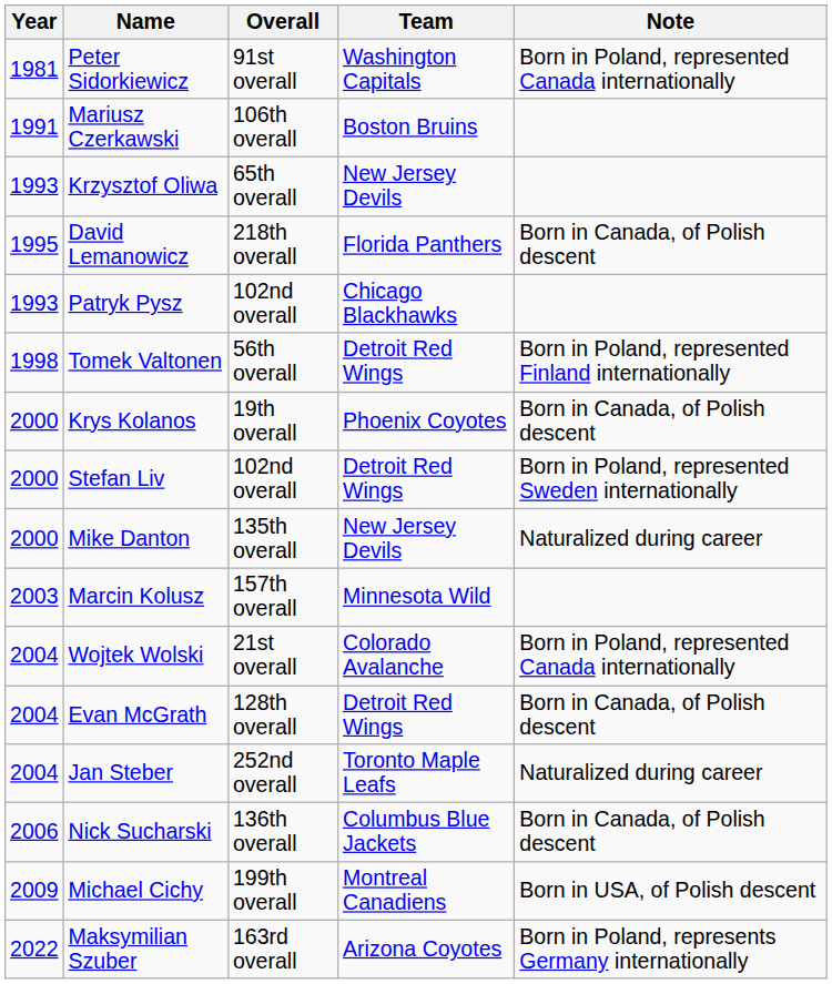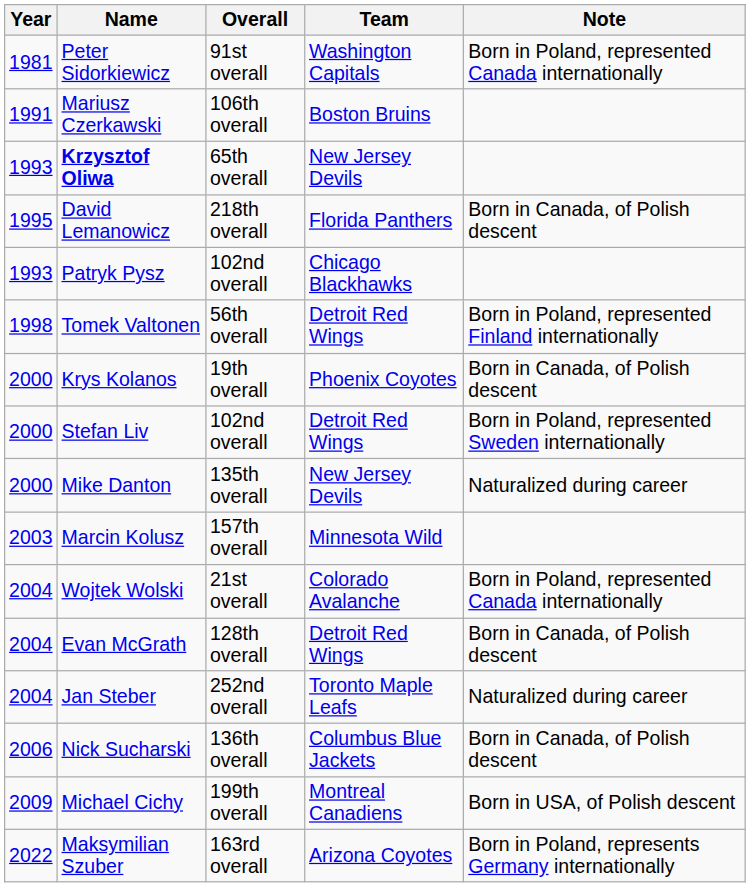 <table class="wikitable">
 <tr>
 <th>Year</th>
 <th>Name</th>
 <th>Overall</th>
 <th>Team</th>
 <th>Note</th>
 </tr>
 <tr>
 <td><a href='#'>1981</a></td>
 <td><a href='#'>Peter Sidorkiewicz</a></td>
 <td>91st overall</td>
 <td><a href='#'>Washington Capitals</a></td>
 <td>Born in Poland, represented <a href='#'>Canada</a> internationally</td>
 </tr>
 <tr>
 <td><a href='#'>1991</a></td>
 <td><a href='#'>Mariusz Czerkawski</a></td>
 <td>106th overall</td>
 <td><a href='#'>Boston Bruins</a></td>
 <td></td>
 </tr>
 <tr>
 <td><a href='#'>1993</a></td>
-<td><a href='#'>Krzysztof Oliwa</a></td>
+<td><strong><a href='#'>Krzysztof Oliwa</a></strong></td>
 <td>65th overall</td>
 <td><a href='#'>New Jersey Devils</a></td>
 <td></td>
 </tr>
 <tr>
 <td><a href='#'>1995</a></td>
 <td><a href='#'>David Lemanowicz</a></td>
 <td>218th overall</td>
 <td><a href='#'>Florida Panthers</a></td>
 <td>Born in Canada, of Polish descent</td>
 </tr>
 <tr>
 <td><a href='#'>1993</a></td>
 <td><a href='#'>Patryk Pysz</a></td>
 <td>102nd overall</td>
 <td><a href='#'>Chicago Blackhawks</a></td>
 <td></td>
 </tr>
 <tr>
 <td><a href='#'>1998</a></td>
 <td><a href='#'>Tomek Valtonen</a></td>
 <td>56th overall</td>
 <td><a href='#'>Detroit Red Wings</a></td>
 <td>Born in Poland, represented <a href='#'>Finland</a> internationally</td>
 </tr>
 <tr>
 <td><a href='#'>2000</a></td>
 <td><a href='#'>Krys Kolanos</a></td>
 <td>19th overall</td>
 <td><a href='#'>Phoenix Coyotes</a></td>
 <td>Born in Canada, of Polish descent</td>
 </tr>
 <tr>
 <td><a href='#'>2000</a></td>
 <td><a href='#'>Stefan Liv</a></td>
 <td>102nd overall</td>
 <td><a href='#'>Detroit Red Wings</a></td>
 <td>Born in Poland, represented <a href='#'>Sweden</a> internationally</td>
 </tr>
 <tr>
 <td><a href='#'>2000</a></td>
 <td><a href='#'>Mike Danton</a></td>
 <td>135th overall</td>
 <td><a href='#'>New Jersey Devils</a></td>
 <td>Naturalized during career</td>
 </tr>
 <tr>
 <td><a href='#'>2003</a></td>
 <td><a href='#'>Marcin Kolusz</a></td>
 <td>157th overall</td>
 <td><a href='#'>Minnesota Wild</a></td>
 <td></td>
 </tr>
 <tr>
 <td><a href='#'>2004</a></td>
 <td><a href='#'>Wojtek Wolski</a></td>
 <td>21st overall</td>
 <td><a href='#'>Colorado Avalanche</a></td>
 <td>Born in Poland, represented <a href='#'>Canada</a> internationally</td>
 </tr>
 <tr>
 <td><a href='#'>2004</a></td>
 <td><a href='#'>Evan McGrath</a></td>
 <td>128th overall</td>
 <td><a href='#'>Detroit Red Wings</a></td>
 <td>Born in Canada, of Polish descent</td>
 </tr>
 <tr>
 <td><a href='#'>2004</a></td>
 <td><a href='#'>Jan Steber</a></td>
 <td>252nd overall</td>
 <td><a href='#'>Toronto Maple Leafs</a></td>
 <td>Naturalized during career</td>
 </tr>
 <tr>
 <td><a href='#'>2006</a></td>
 <td><a href='#'>Nick Sucharski</a></td>
 <td>136th overall</td>
 <td><a href='#'>Columbus Blue Jackets</a></td>
 <td>Born in Canada, of Polish descent</td>
 </tr>
 <tr>
 <td><a href='#'>2009</a></td>
 <td><a href='#'>Michael Cichy</a></td>
 <td>199th overall</td>
 <td><a href='#'>Montreal Canadiens</a></td>
 <td>Born in USA, of Polish descent</td>
 </tr>
 <tr>
 <td><a href='#'>2022</a></td>
 <td><a href='#'>Maksymilian Szuber</a></td>
 <td>163rd overall</td>
 <td><a href='#'>Arizona Coyotes</a></td>
 <td>Born in Poland, represents <a href='#'>Germany</a> internationally</td>
 </tr>
 </table>
